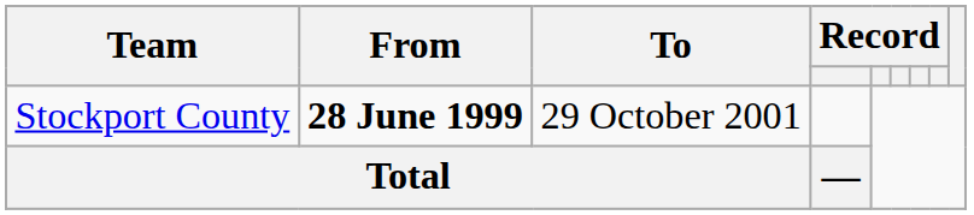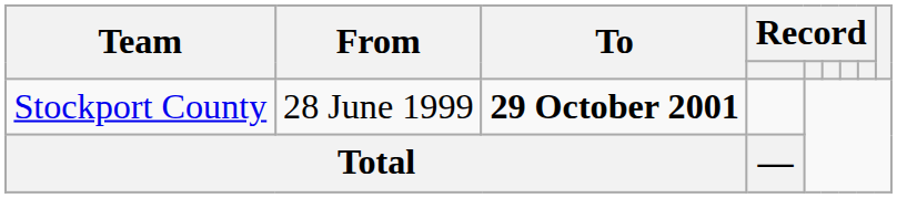 <table class=wikitable style="text-align: center">
 <tr>
 <th rowspan=2>Team</th>
 <th rowspan=2>From</th>
 <th rowspan=2>To</th>
 <th colspan=5>Record</th>
 <th rowspan=2></th>
 </tr>
 <tr>
 <th></th>
 <th></th>
 <th></th>
 <th></th>
 <th></th>
 </tr>
 <tr>
 <td align=left><a href='#'>Stockport County</a></td>
-<td align=left><strong>28 June 1999</strong></td>
-<td align=left>29 October 2001<br></td>
+<td align=left>28 June 1999</td>
+<td align=left><strong>29 October 2001<br></strong></td>
 <td></td>
 </tr>
 <tr>
 <th colspan=3>Total<br></th>
 <th>—</th>
 </tr>
 </table>
